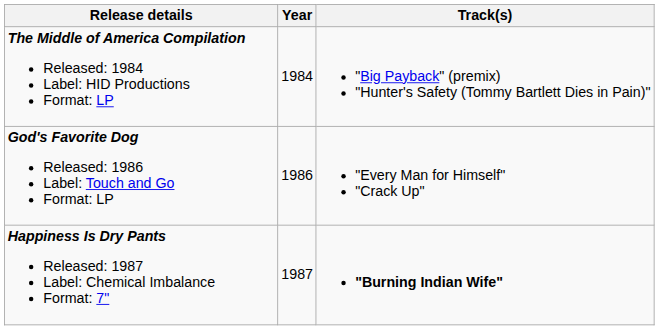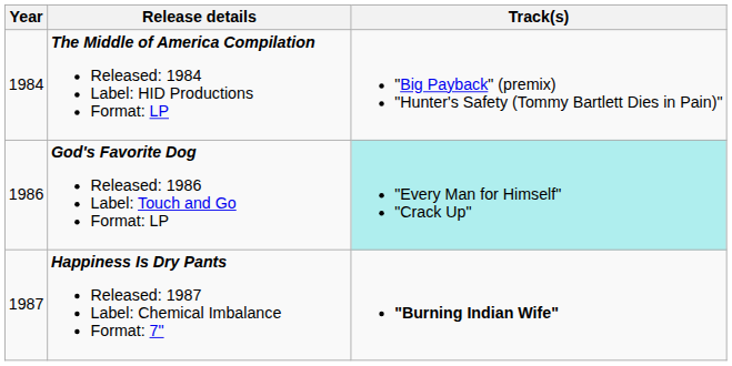 <table class ="wikitable">
 <tr>
+<th>Year</th>
 <th style="width:300px;">Release details</th>
-<th>Year</th>
 <th>Track(s)</th>
 </tr>
 <tr>
+<td>1984</td>
 <td><strong><em>The Middle of America Compilation</em></strong><br><ul><li>Released: 1984</li><li>Label: HID Productions</li><li>Format: <a href='#'>LP</a></li></ul></td>
-<td>1984</td>
 <td><br><ul><li>"<a href='#'>Big Payback</a>" (premix)</li><li>"Hunter's Safety (Tommy Bartlett Dies in Pain)"</li></ul></td>
 </tr>
 <tr>
+<td>1986</td>
 <td><strong><em>God's Favorite Dog</em></strong><br><ul><li>Released: 1986</li><li>Label: <a href='#'>Touch and Go</a></li><li>Format: LP</li></ul></td>
-<td>1986</td>
-<td><br><ul><li>"Every Man for Himself"</li><li>"Crack Up"</li></ul></td>
+<td style="background: paleturquoise;"><br><ul><li>"Every Man for Himself"</li><li>"Crack Up"</li></ul></td>
 </tr>
 <tr>
+<td>1987</td>
 <td><strong><em>Happiness Is Dry Pants</em></strong><br><ul><li>Released: 1987</li><li>Label: Chemical Imbalance</li><li>Format: <a href='#'>7"</a></li></ul></td>
-<td>1987</td>
 <td><strong><br><ul><li>"Burning Indian Wife"</li></ul></strong></td>
 </tr>
 </table>
